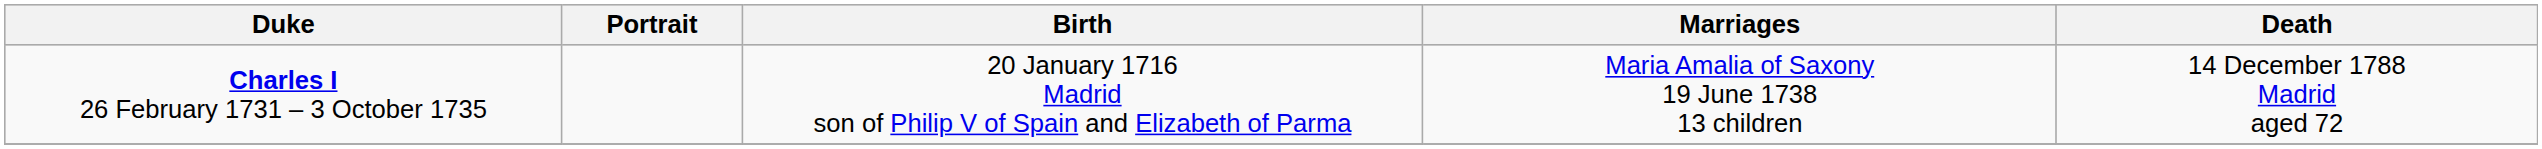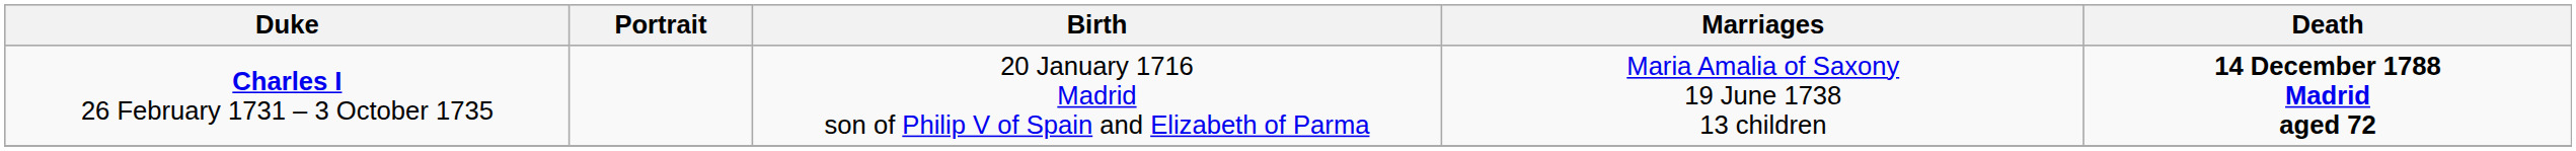 <table style="text-align:center; width:100%" class="wikitable">
 <tr>
 <th width=22%>Duke</th>
 <th width=105px>Portrait</th>
 <th>Birth</th>
 <th width=25%>Marriages</th>
 <th width=19%>Death</th>
 </tr>
 <tr>
 <td><strong><a href='#'>Charles I</a></strong><br>26 February 1731 – 3 October 1735</td>
 <td></td>
 <td>20 January 1716<br><a href='#'>Madrid</a><br>son of <a href='#'>Philip V of Spain</a> and <a href='#'>Elizabeth of Parma</a></td>
 <td><a href='#'>Maria Amalia of Saxony</a><br>19 June 1738<br>13 children</td>
-<td>14 December 1788<br><a href='#'>Madrid</a><br>aged 72</td>
+<td><strong>14 December 1788<br><a href='#'>Madrid</a><br>aged 72</strong></td>
 </tr>
 <tr>
 </tr>
 </table>
